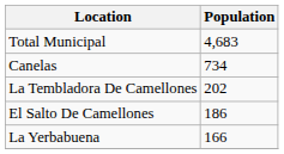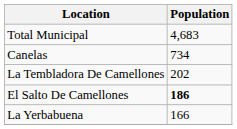 <table class="wikitable">
 <tr>
 <th>Location</th>
 <th>Population</th>
 </tr>
 <tr>
 <td>Total Municipal</td>
 <td>4,683</td>
 </tr>
 <tr>
 <td>Canelas</td>
 <td>734</td>
 </tr>
 <tr>
 <td>La Tembladora De Camellones</td>
 <td>202</td>
 </tr>
 <tr>
 <td>El Salto De Camellones</td>
-<td>186</td>
+<td><strong>186</strong></td>
 </tr>
 <tr>
 <td>La Yerbabuena</td>
 <td>166</td>
 </tr>
 <tr>
 </tr>
 </table>
